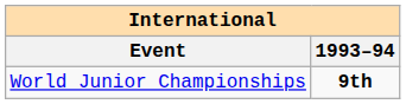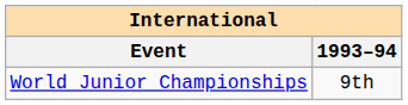 <table class="wikitable" style="text-align:center">
 <tr>
 <th style="background-color: #ffdead; " colspan=2 align=center>International</th>
 </tr>
 <tr>
 <th>Event</th>
 <th>1993–94</th>
 </tr>
 <tr>
 <td align=left><a href='#'>World Junior Championships</a></td>
-<td><strong>9th</strong></td>
+<td>9th</td>
 </tr>
 </table>
